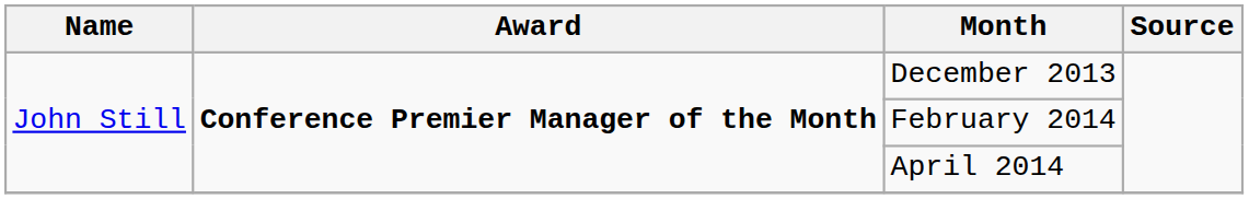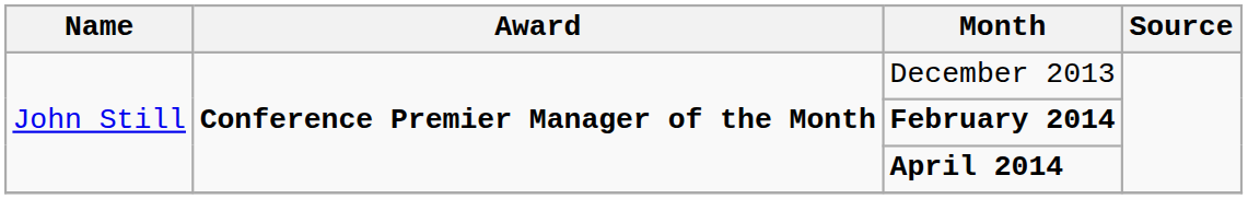 <table class="wikitable sortable" style="text-align:left; font-size:95%;">
 <tr>
 <th>Name</th>
 <th>Award</th>
 <th>Month</th>
 <th>Source</th>
 </tr>
 <tr>
 <td rowspan="3"> <a href='#'>John Still</a></td>
 <td rowspan="3"><strong>Conference Premier Manager of the Month</strong></td>
 <td>December 2013</td>
 <td rowspan="3"></td>
 </tr>
 <tr>
-<td>February 2014</td>
+<td><strong>February 2014</strong></td>
 </tr>
 <tr>
-<td>April 2014</td>
+<td><strong>April 2014</strong></td>
 </tr>
 <tr>
 </tr>
 </table>
